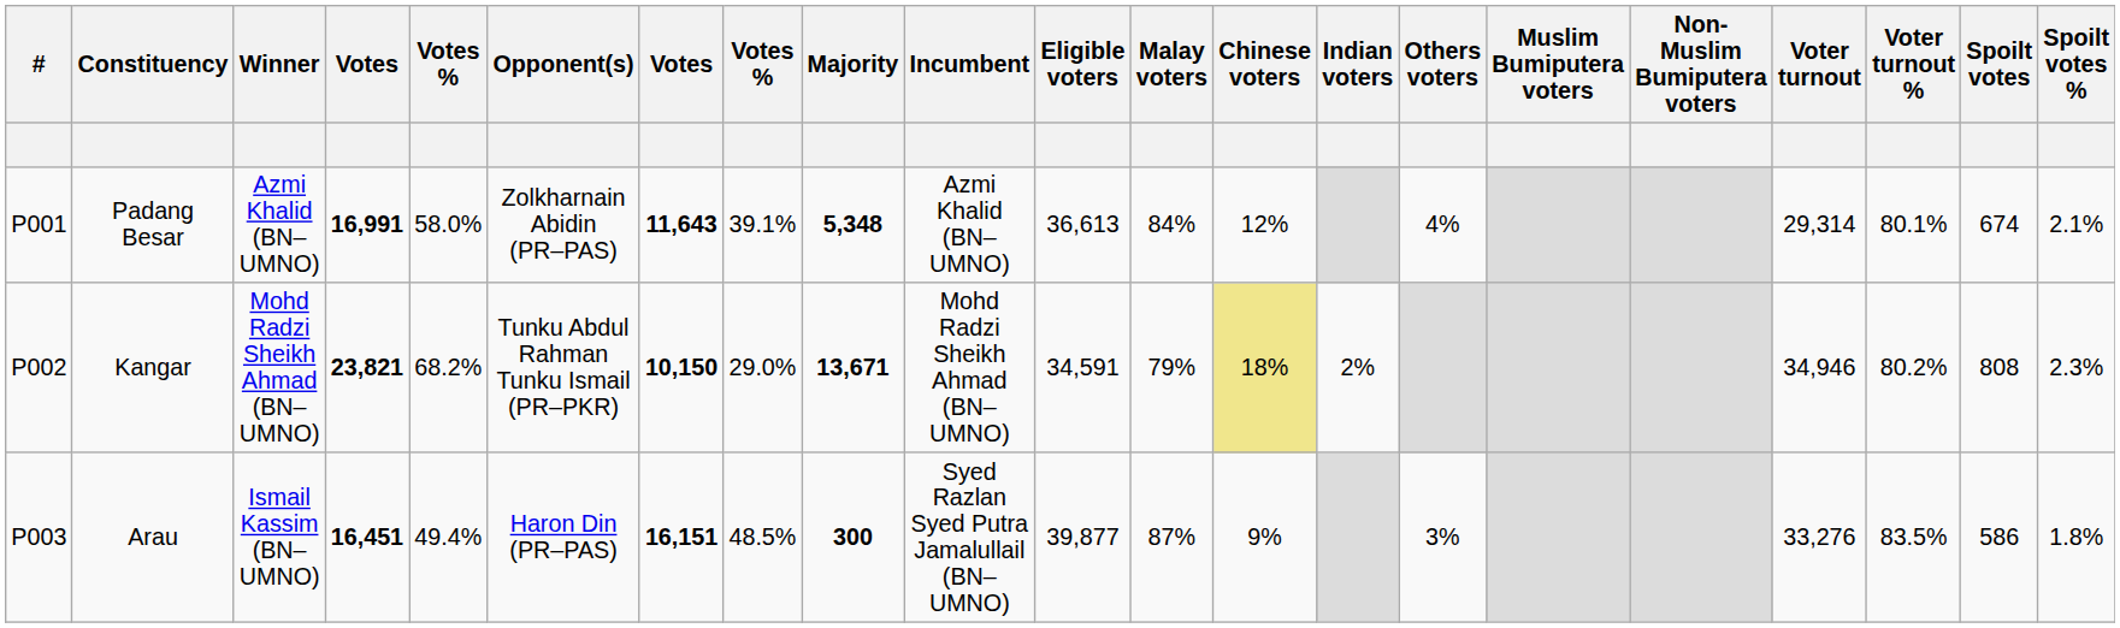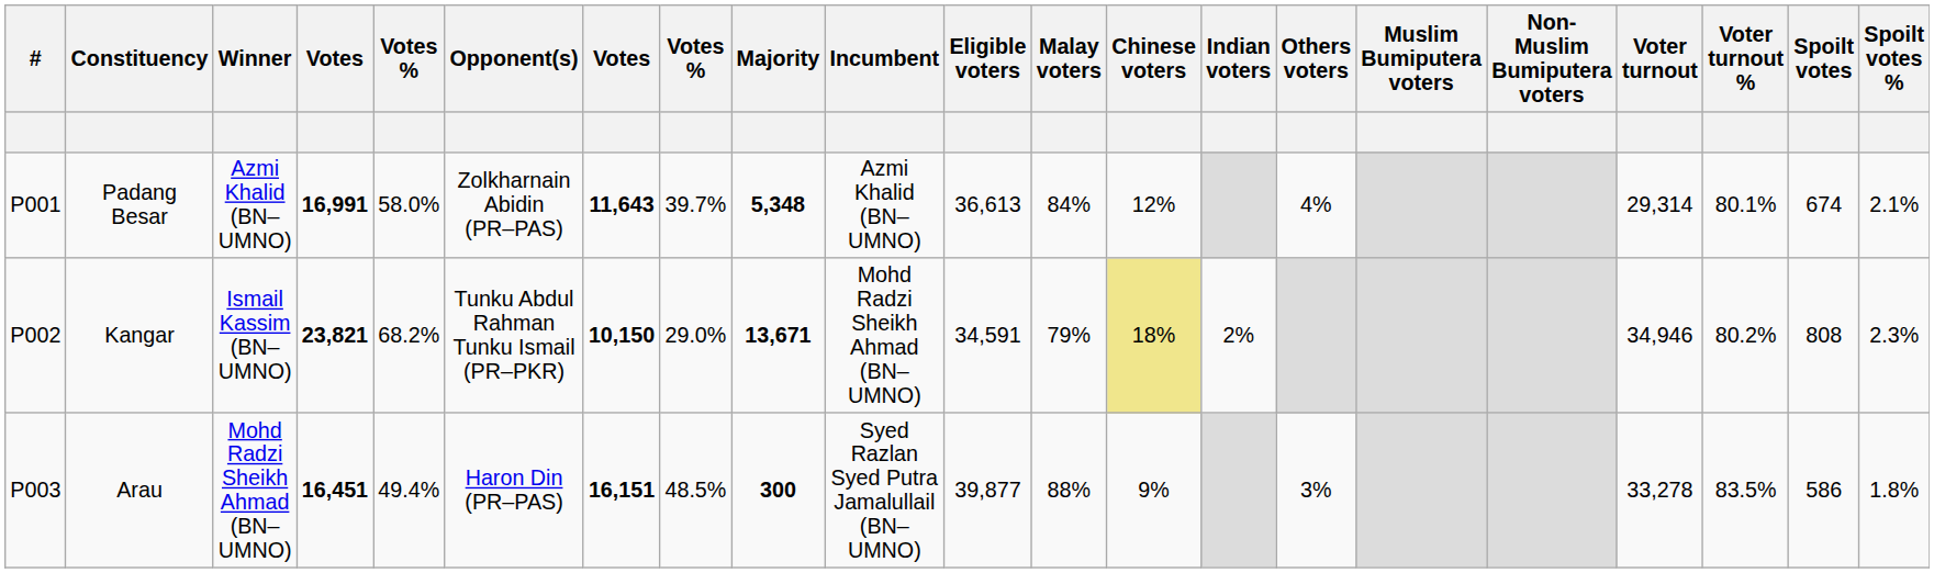 <table class="wikitable sortable" style="text-align:center; font-size:90%">
 <tr>
 <th width="30">#</th>
 <th width="60">Constituency</th>
 <th width="150">Winner</th>
 <th width="50">Votes</th>
 <th width="50">Votes %</th>
 <th width="150">Opponent(s)</th>
 <th width="50">Votes</th>
 <th width="50">Votes %</th>
 <th width="50">Majority</th>
 <th width="150">Incumbent</th>
 <th width="50">Eligible voters</th>
 <th width="50">Malay voters</th>
 <th width="50">Chinese voters</th>
 <th width="50">Indian voters</th>
 <th width="50">Others voters</th>
 <th width="50">Muslim Bumiputera voters</th>
 <th width="50">Non-Muslim Bumiputera voters</th>
 <th width="50">Voter turnout</th>
 <th width="50">Voter turnout %</th>
 <th width="50">Spoilt votes</th>
 <th width="50">Spoilt votes %</th>
 </tr>
 <tr>
 <th height="20"></th>
 <th></th>
 <th></th>
 <th></th>
 <th></th>
 <th></th>
 <th></th>
 <th></th>
 <th></th>
 <th></th>
 <th></th>
 <th></th>
 <th></th>
 <th></th>
 <th></th>
 <th></th>
 <th></th>
 <th></th>
 <th></th>
 <th></th>
 <th></th>
 </tr>
 <tr>
 <td>P001</td>
 <td>Padang Besar</td>
 <td><a href='#'>Azmi Khalid</a><br>(BN–UMNO)</td>
 <td><strong>16,991</strong></td>
 <td>58.0%</td>
 <td>Zolkharnain Abidin<br>(PR–PAS)</td>
 <td><strong>11,643</strong></td>
-<td>39.1%</td>
+<td>39.7%</td>
 <td><strong>5,348</strong></td>
 <td>Azmi Khalid<br>(BN–UMNO)</td>
 <td>36,613</td>
 <td>84%</td>
 <td>12%</td>
 <td bgcolor="dcdcdc"></td>
 <td>4%</td>
 <td bgcolor="dcdcdc"></td>
 <td bgcolor="dcdcdc"></td>
 <td>29,314</td>
 <td>80.1%</td>
 <td>674</td>
 <td>2.1%</td>
 </tr>
 <tr>
 <td>P002</td>
 <td>Kangar</td>
-<td><a href='#'>Mohd Radzi Sheikh Ahmad</a><br>(BN–UMNO)</td>
+<td><a href='#'>Ismail Kassim</a><br>(BN–UMNO)</td>
 <td><strong>23,821</strong></td>
 <td>68.2%</td>
 <td>Tunku Abdul Rahman Tunku Ismail<br>(PR–PKR)</td>
 <td><strong>10,150</strong></td>
 <td>29.0%</td>
 <td><strong>13,671</strong></td>
 <td>Mohd Radzi Sheikh Ahmad<br>(BN–UMNO)</td>
 <td>34,591</td>
 <td>79%</td>
 <td style="background: khaki;">18%</td>
 <td>2%</td>
 <td bgcolor="dcdcdc"></td>
 <td bgcolor="dcdcdc"></td>
 <td bgcolor="dcdcdc"></td>
 <td>34,946</td>
 <td>80.2%</td>
 <td>808</td>
 <td>2.3%</td>
 </tr>
 <tr>
 <td>P003</td>
 <td>Arau</td>
-<td><a href='#'>Ismail Kassim</a><br>(BN–UMNO)</td>
+<td><a href='#'>Mohd Radzi Sheikh Ahmad</a><br>(BN–UMNO)</td>
 <td><strong>16,451</strong></td>
 <td>49.4%</td>
 <td><a href='#'>Haron Din</a><br>(PR–PAS)</td>
 <td><strong>16,151</strong></td>
 <td>48.5%</td>
 <td><strong>300</strong></td>
 <td>Syed Razlan Syed Putra Jamalullail<br>(BN–UMNO)</td>
 <td>39,877</td>
-<td>87%</td>
+<td>88%</td>
 <td>9%</td>
 <td bgcolor="dcdcdc"></td>
 <td>3%</td>
 <td bgcolor="dcdcdc"></td>
 <td bgcolor="dcdcdc"></td>
-<td>33,276</td>
+<td>33,278</td>
 <td>83.5%</td>
 <td>586</td>
 <td>1.8%</td>
 </tr>
 </table>
